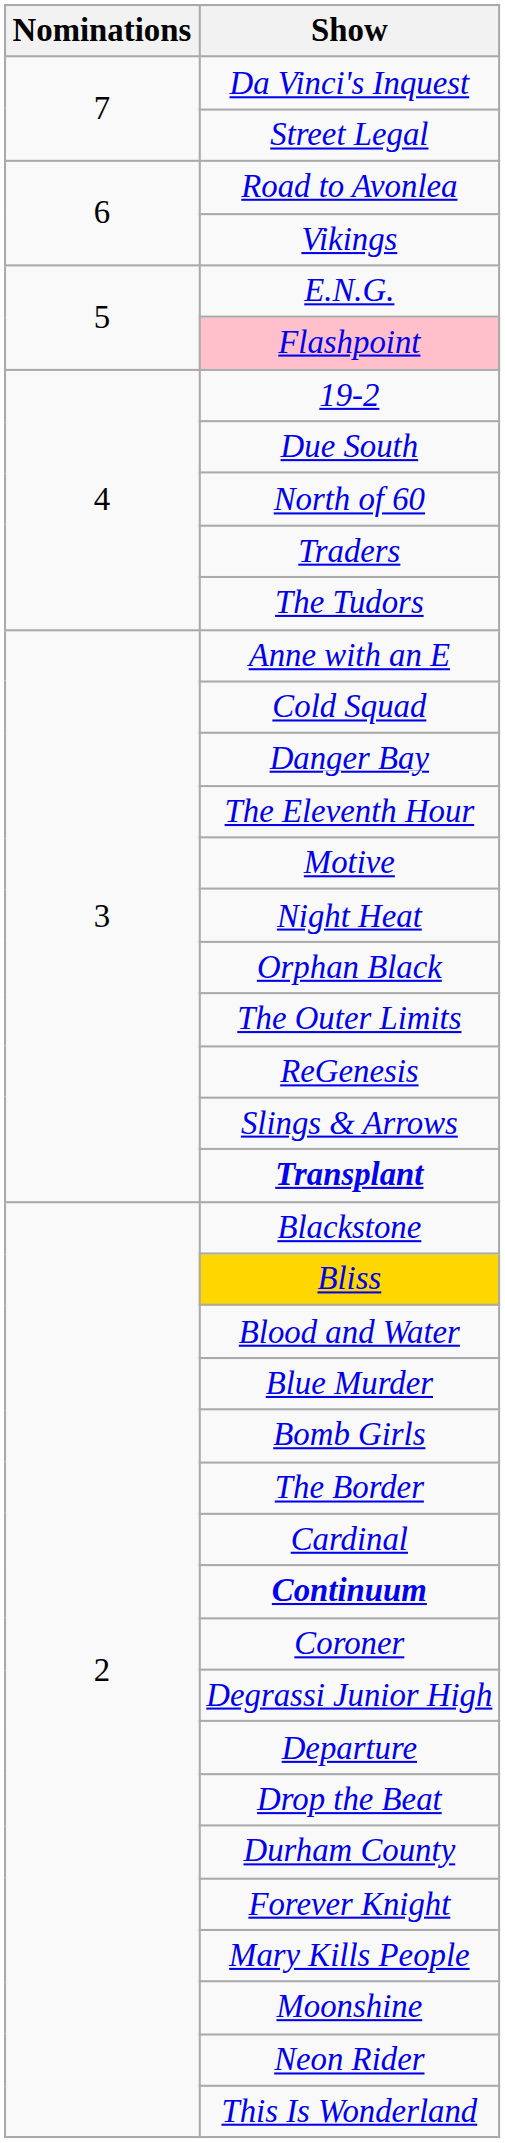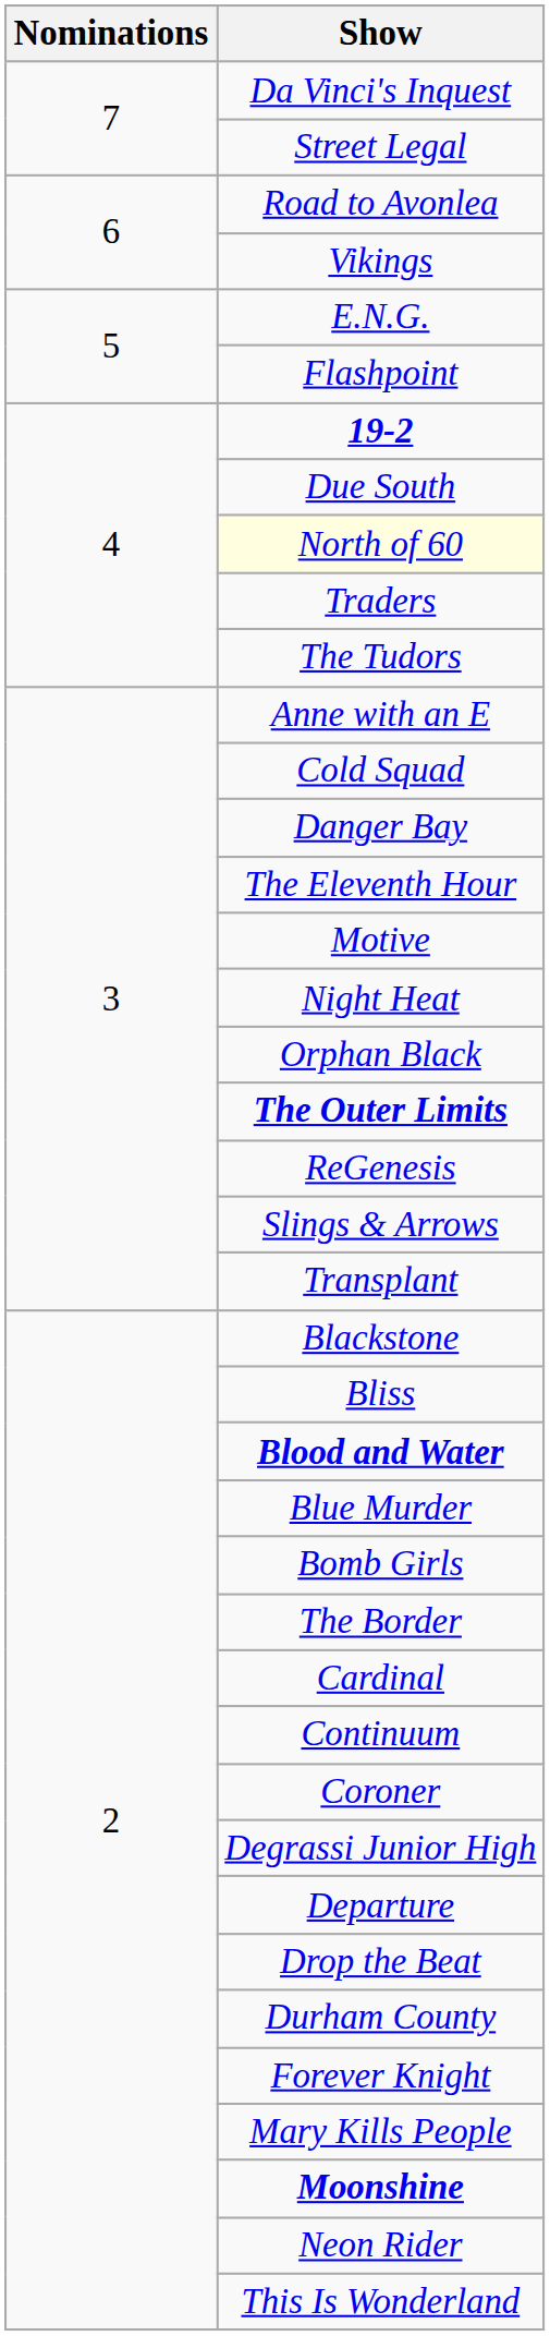 <table class="wikitable" rowspan="2" style="text-align:center;">
 <tr>
 <th scope="col">Nominations</th>
 <th scope="col">Show</th>
 </tr>
 <tr>
 <td rowspan=2 style="text-align:center;">7</td>
 <td><em><a href='#'>Da Vinci's Inquest</a></em></td>
 </tr>
 <tr>
 <td><em><a href='#'>Street Legal</a></em></td>
 </tr>
 <tr>
 <td rowspan=2 style="text-align:center;">6</td>
 <td><em><a href='#'>Road to Avonlea</a></em></td>
 </tr>
 <tr>
 <td><em><a href='#'>Vikings</a></em></td>
 </tr>
 <tr>
 <td rowspan=2 style="text-align:center;">5</td>
 <td><em><a href='#'>E.N.G.</a></em></td>
 </tr>
 <tr>
-<td style="background: pink;"><em><a href='#'>Flashpoint</a></em></td>
+<td><em><a href='#'>Flashpoint</a></em></td>
 </tr>
 <tr>
 <td rowspan=5 style="text-align:center;">4</td>
-<td><em><a href='#'>19-2</a></em></td>
+<td><strong><em><a href='#'>19-2</a></em></strong></td>
 </tr>
 <tr>
 <td><em><a href='#'>Due South</a></em></td>
 </tr>
 <tr>
-<td><em><a href='#'>North of 60</a></em></td>
+<td style="background: lightyellow;"><em><a href='#'>North of 60</a></em></td>
 </tr>
 <tr>
 <td><em><a href='#'>Traders</a></em></td>
 </tr>
 <tr>
 <td><em><a href='#'>The Tudors</a></em></td>
 </tr>
 <tr>
 <td rowspan=11 style="text-align:center;">3</td>
 <td><em><a href='#'>Anne with an E</a></em></td>
 </tr>
 <tr>
 <td><em><a href='#'>Cold Squad</a></em></td>
 </tr>
 <tr>
 <td><em><a href='#'>Danger Bay</a></em></td>
 </tr>
 <tr>
 <td><em><a href='#'>The Eleventh Hour</a></em></td>
 </tr>
 <tr>
 <td><em><a href='#'>Motive</a></em></td>
 </tr>
 <tr>
 <td><em><a href='#'>Night Heat</a></em></td>
 </tr>
 <tr>
 <td><em><a href='#'>Orphan Black</a></em></td>
 </tr>
 <tr>
-<td><em><a href='#'>The Outer Limits</a></em></td>
+<td><strong><em><a href='#'>The Outer Limits</a></em></strong></td>
 </tr>
 <tr>
 <td><em><a href='#'>ReGenesis</a></em></td>
 </tr>
 <tr>
 <td><em><a href='#'>Slings & Arrows</a></em></td>
 </tr>
 <tr>
-<td><strong><em><a href='#'>Transplant</a></em></strong></td>
+<td><em><a href='#'>Transplant</a></em></td>
 </tr>
 <tr>
 <td rowspan=18 style="text-align:center;">2</td>
 <td><em><a href='#'>Blackstone</a></em></td>
 </tr>
 <tr>
-<td style="background: gold;"><em><a href='#'>Bliss</a></em></td>
+<td><em><a href='#'>Bliss</a></em></td>
 </tr>
 <tr>
-<td><em><a href='#'>Blood and Water</a></em></td>
+<td><strong><em><a href='#'>Blood and Water</a></em></strong></td>
 </tr>
 <tr>
 <td><em><a href='#'>Blue Murder</a></em></td>
 </tr>
 <tr>
 <td><em><a href='#'>Bomb Girls</a></em></td>
 </tr>
 <tr>
 <td><em><a href='#'>The Border</a></em></td>
 </tr>
 <tr>
 <td><em><a href='#'>Cardinal</a></em></td>
 </tr>
 <tr>
-<td><strong><em><a href='#'>Continuum</a></em></strong></td>
+<td><em><a href='#'>Continuum</a></em></td>
 </tr>
 <tr>
 <td><em><a href='#'>Coroner</a></em></td>
 </tr>
 <tr>
 <td><em><a href='#'>Degrassi Junior High</a></em></td>
 </tr>
 <tr>
 <td><em><a href='#'>Departure</a></em></td>
 </tr>
 <tr>
 <td><em><a href='#'>Drop the Beat</a></em></td>
 </tr>
 <tr>
 <td><em><a href='#'>Durham County</a></em></td>
 </tr>
 <tr>
 <td><em><a href='#'>Forever Knight</a></em></td>
 </tr>
 <tr>
 <td><em><a href='#'>Mary Kills People</a></em></td>
 </tr>
 <tr>
-<td><em><a href='#'>Moonshine</a></em></td>
+<td><strong><em><a href='#'>Moonshine</a></em></strong></td>
 </tr>
 <tr>
 <td><em><a href='#'>Neon Rider</a></em></td>
 </tr>
 <tr>
 <td><em><a href='#'>This Is Wonderland</a></em></td>
 </tr>
 </table>
